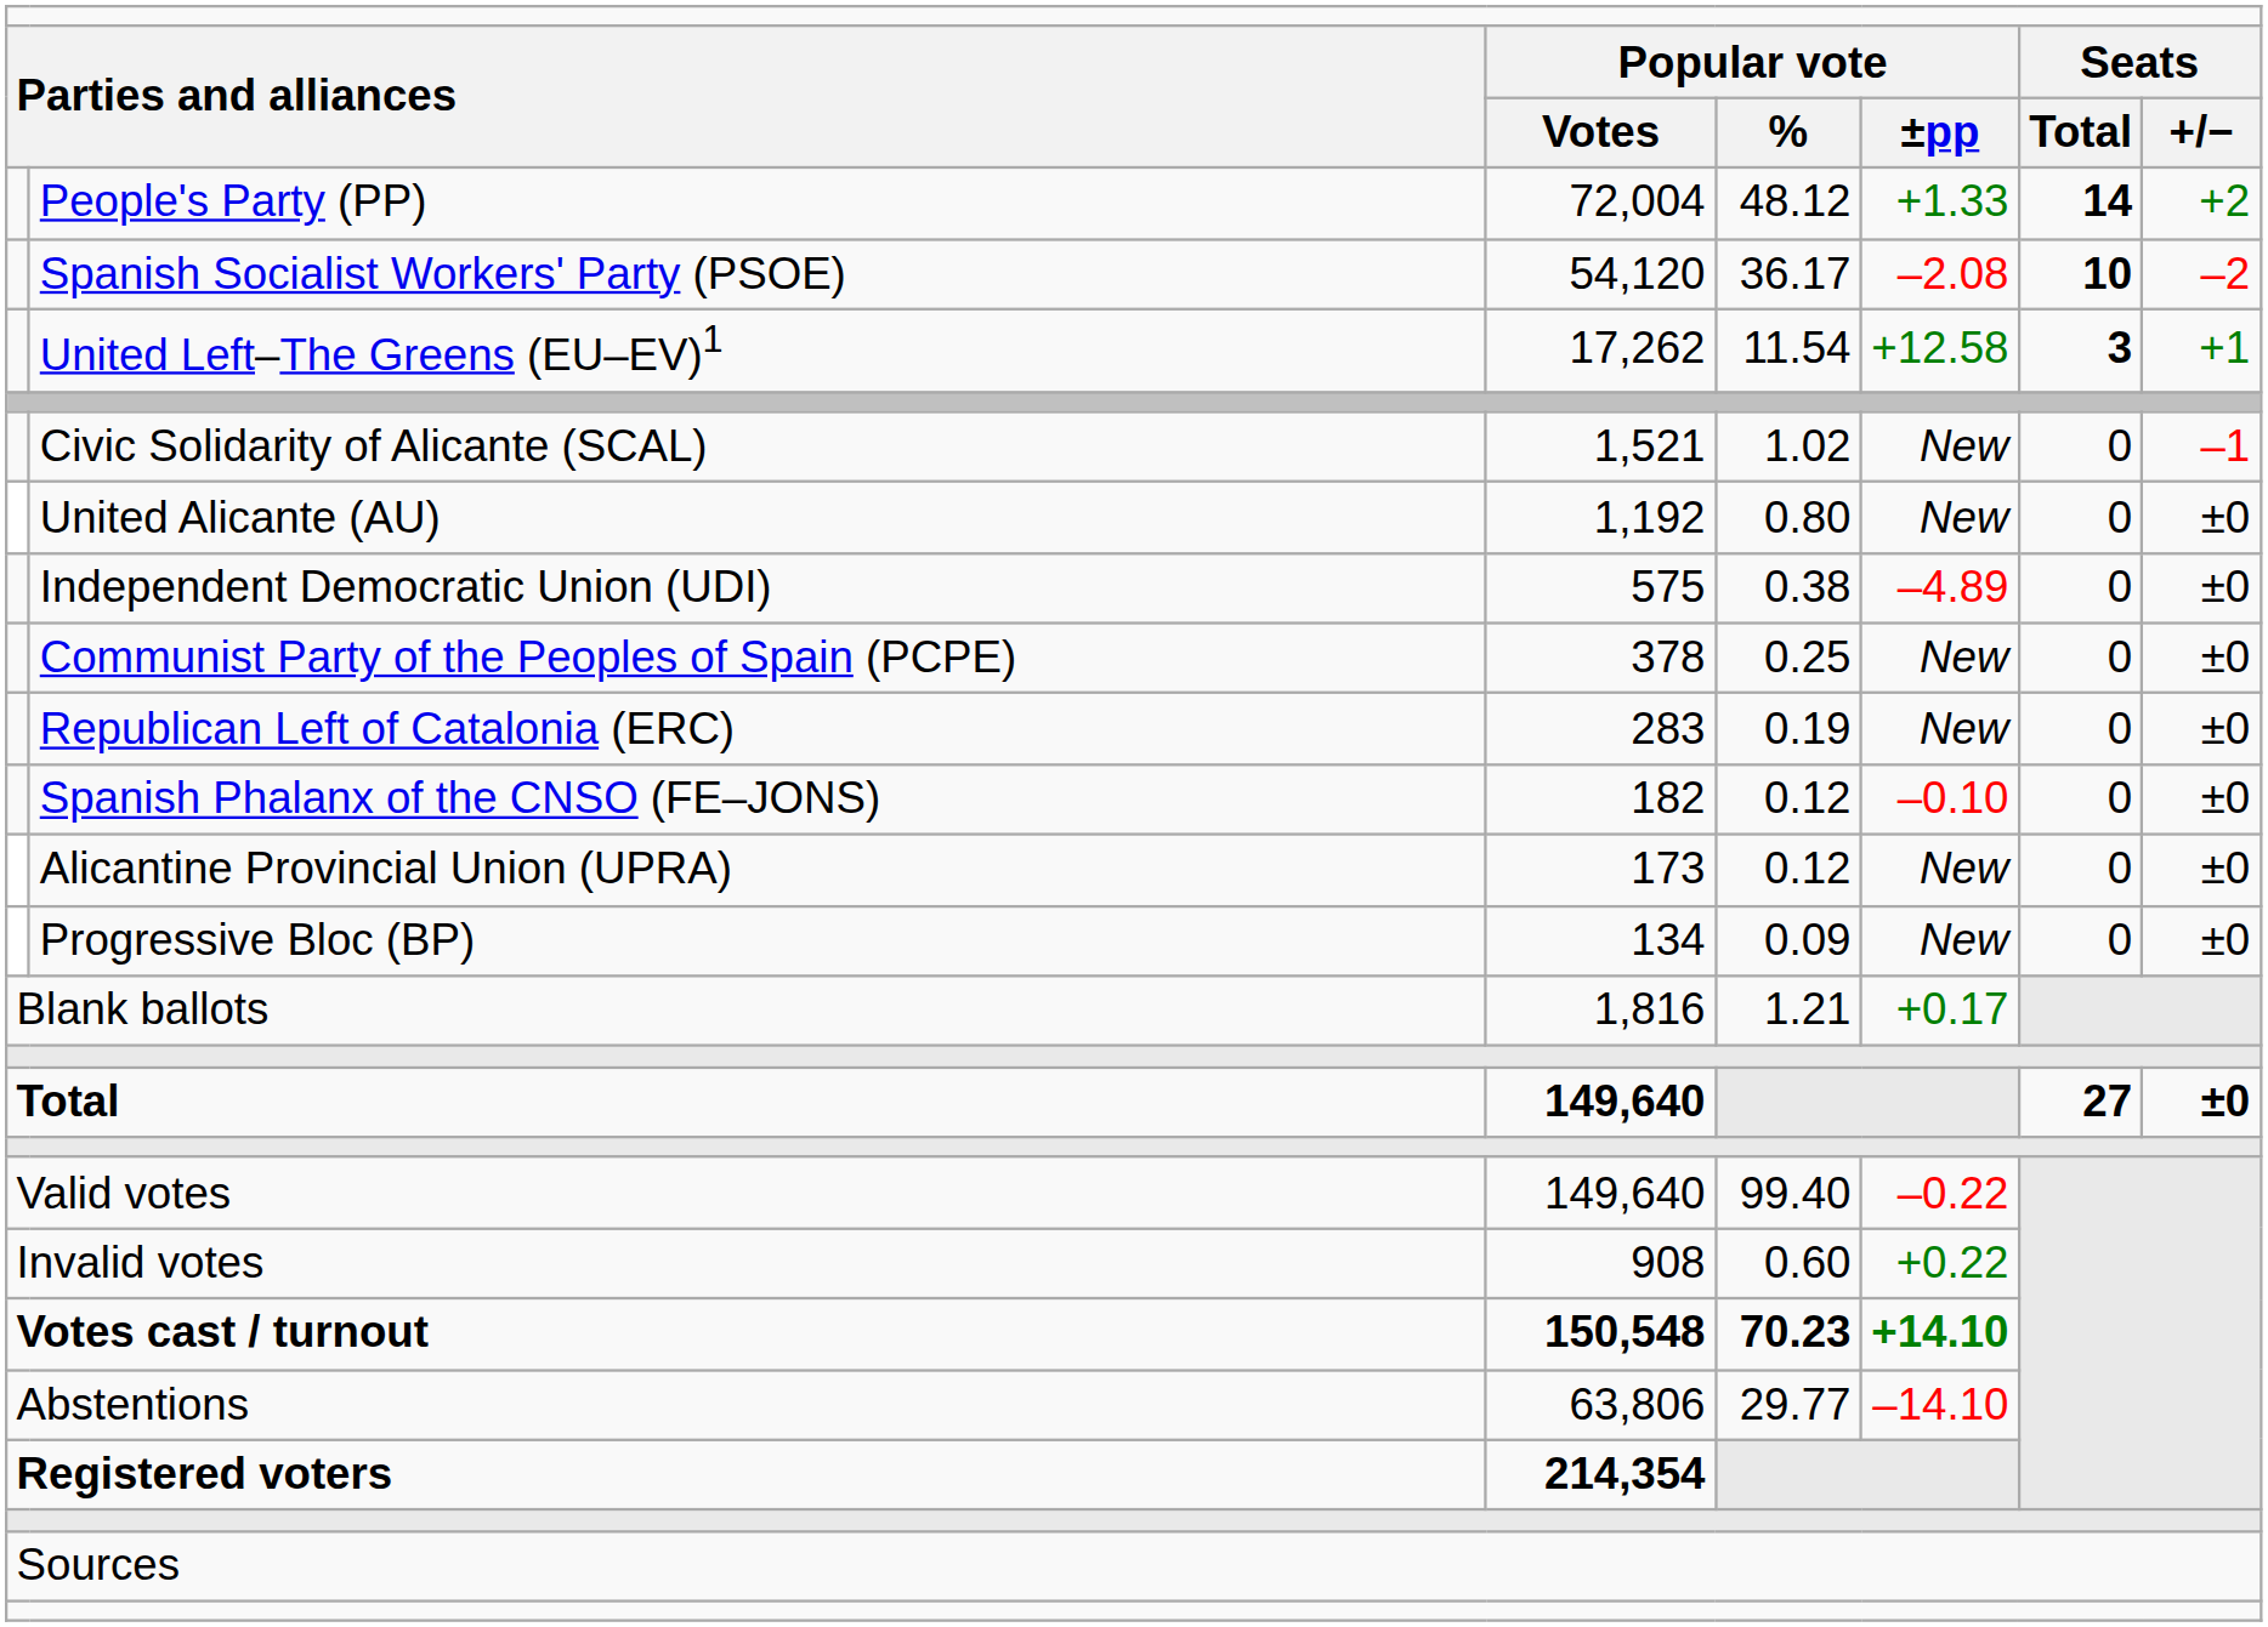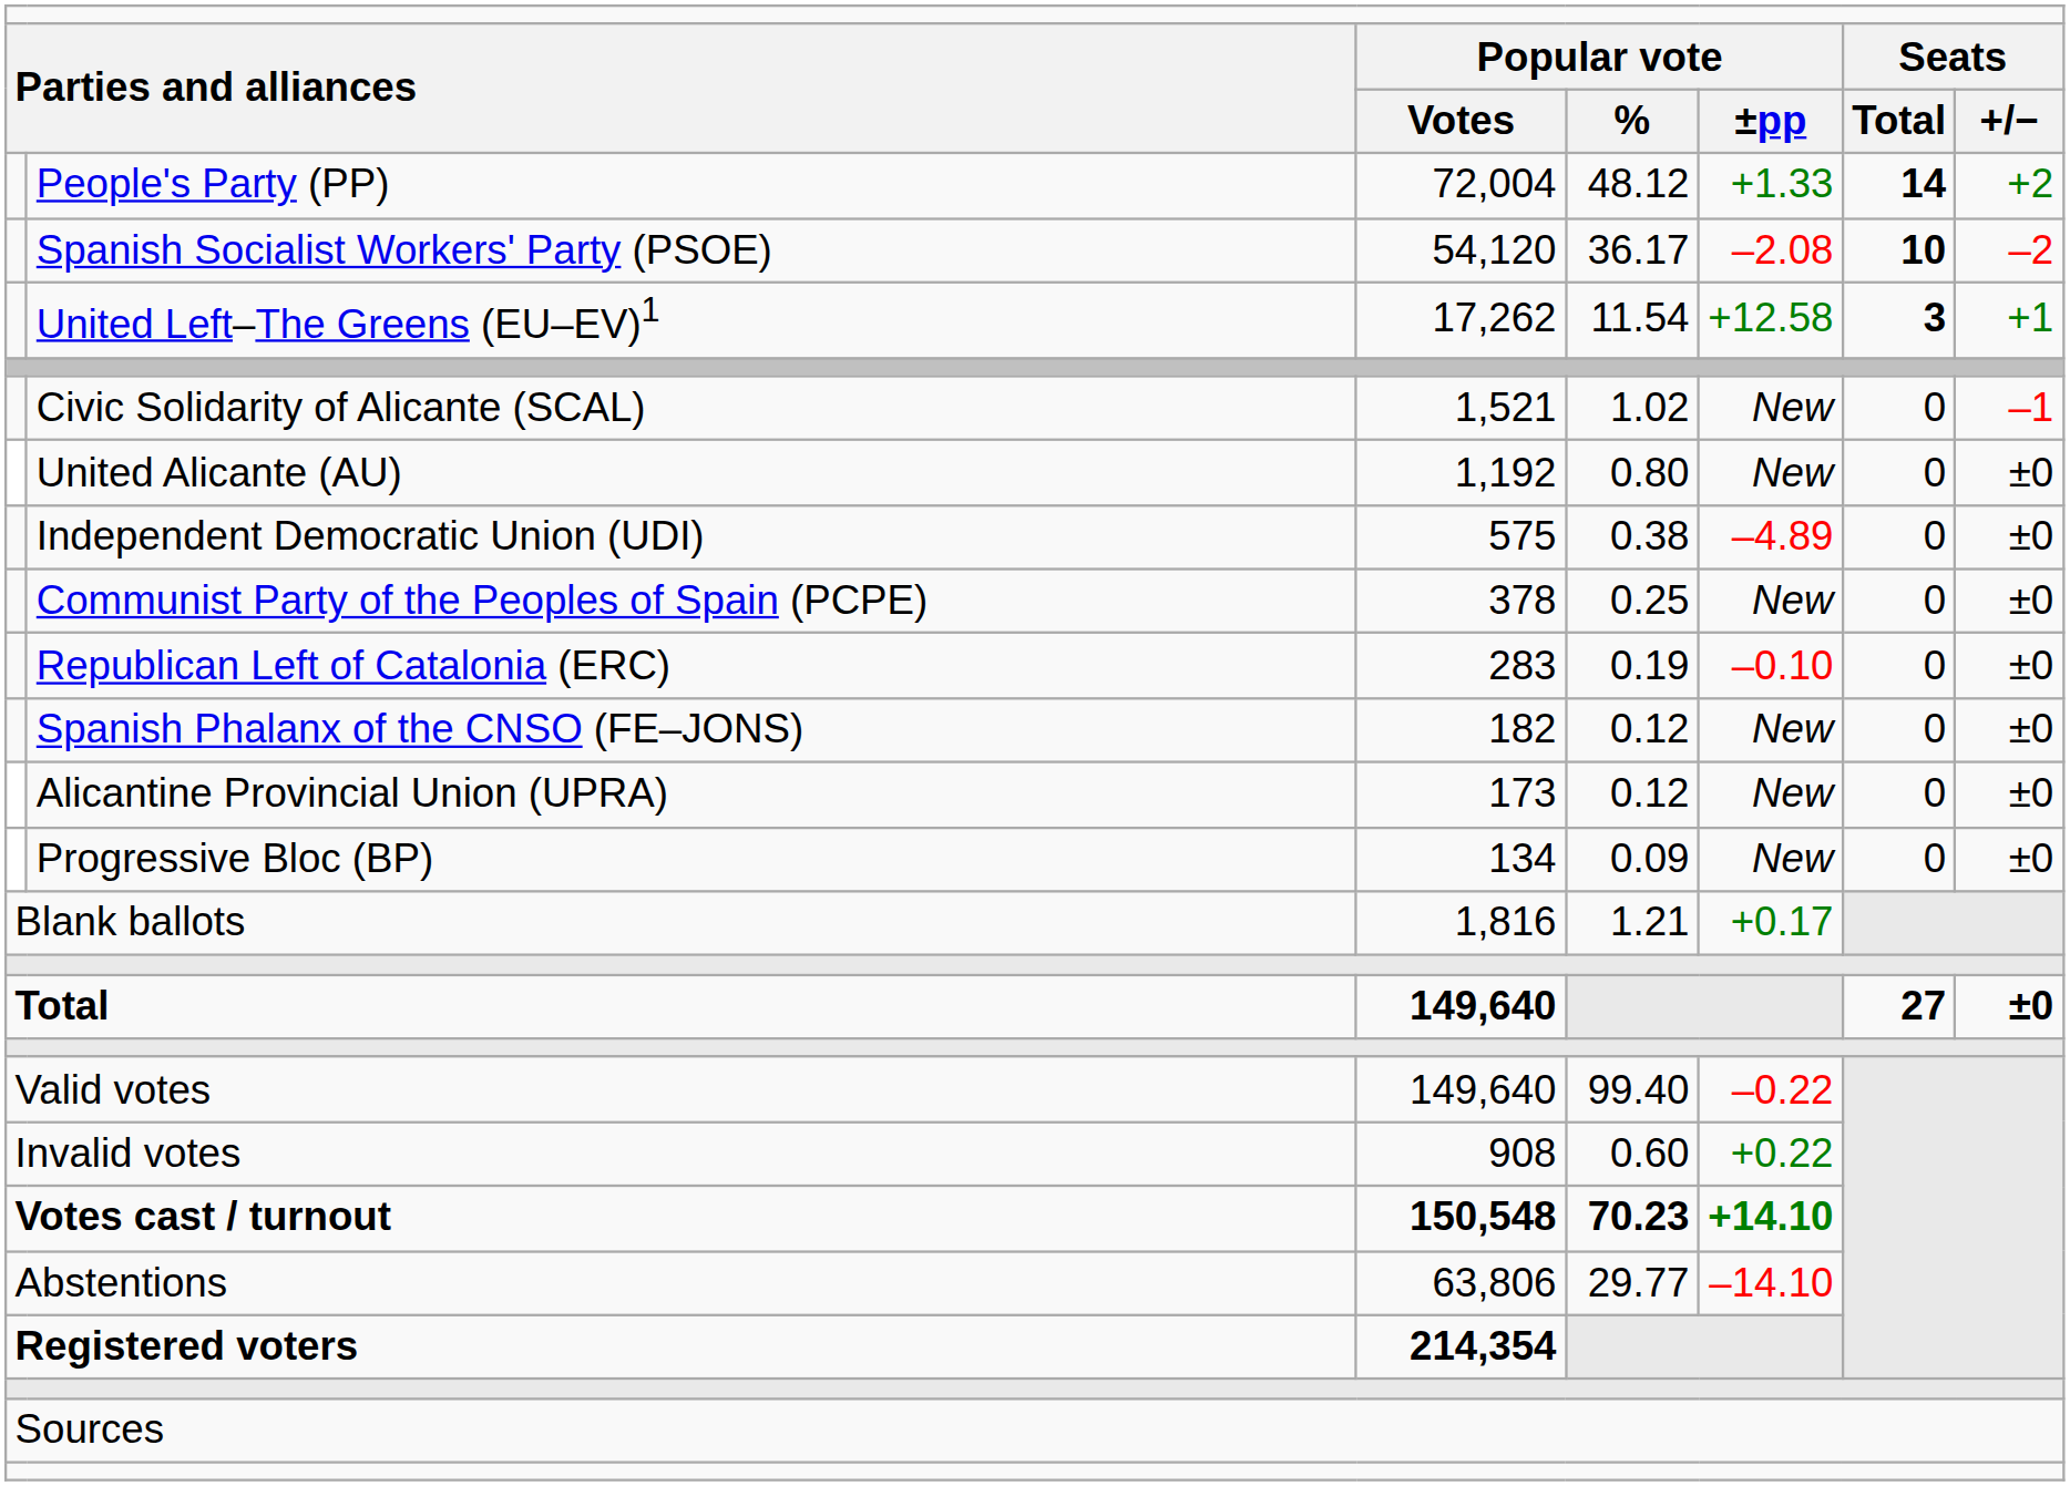 <table class="wikitable" style="text-align:right;">
 <tr>
 <td colspan="7"></td>
 </tr>
 <tr>
 <th style="text-align:left;" rowspan="2" colspan="2" width="525">Parties and alliances</th>
 <th colspan="3">Popular vote</th>
 <th colspan="2">Seats</th>
 </tr>
 <tr>
 <th width="75">Votes</th>
 <th width="45">%</th>
 <th width="45">±<a href='#'>pp</a></th>
 <th width="35">Total</th>
 <th width="35">+/−</th>
 </tr>
 <tr>
 <td width="1" style="color:inherit;background:"></td>
 <td align="left"><a href='#'>People's Party</a> (PP)</td>
 <td>72,004</td>
 <td>48.12</td>
 <td style="color:green;">+1.33</td>
 <td><strong>14</strong></td>
 <td style="color:green;">+2</td>
 </tr>
 <tr>
 <td style="color:inherit;background:"></td>
 <td align="left"><a href='#'>Spanish Socialist Workers' Party</a> (PSOE)</td>
 <td>54,120</td>
 <td>36.17</td>
 <td style="color:red;">–2.08</td>
 <td><strong>10</strong></td>
 <td style="color:red;">–2</td>
 </tr>
 <tr>
 <td style="color:inherit;background:"></td>
 <td align="left"><a href='#'>United Left</a>–<a href='#'>The Greens</a> (EU–EV)<sup>1</sup></td>
 <td>17,262</td>
 <td>11.54</td>
 <td style="color:green;">+12.58</td>
 <td><strong>3</strong></td>
 <td style="color:green;">+1</td>
 </tr>
 <tr>
 <td colspan="7" bgcolor="#C0C0C0"></td>
 </tr>
 <tr>
 <td style="color:inherit;background:"></td>
 <td align="left">Civic Solidarity of Alicante (SCAL)</td>
 <td>1,521</td>
 <td>1.02</td>
 <td><em>New</em></td>
 <td>0</td>
 <td style="color:red;">–1</td>
 </tr>
 <tr>
 <td bgcolor="white"></td>
 <td align="left">United Alicante (AU)</td>
 <td>1,192</td>
 <td>0.80</td>
 <td><em>New</em></td>
 <td>0</td>
 <td>±0</td>
 </tr>
 <tr>
 <td style="color:inherit;background:"></td>
 <td align="left">Independent Democratic Union (UDI)</td>
 <td>575</td>
 <td>0.38</td>
 <td style="color:red;">–4.89</td>
 <td>0</td>
 <td>±0</td>
 </tr>
 <tr>
 <td style="color:inherit;background:"></td>
 <td align="left"><a href='#'>Communist Party of the Peoples of Spain</a> (PCPE)</td>
 <td>378</td>
 <td>0.25</td>
 <td><em>New</em></td>
 <td>0</td>
 <td>±0</td>
 </tr>
 <tr>
 <td style="color:inherit;background:"></td>
 <td align="left"><a href='#'>Republican Left of Catalonia</a> (ERC)</td>
 <td>283</td>
 <td>0.19</td>
-<td><em>New</em></td>
+<td style="color:red;">–0.10</td>
 <td>0</td>
 <td>±0</td>
 </tr>
 <tr>
 <td style="color:inherit;background:"></td>
 <td align="left"><a href='#'>Spanish Phalanx of the CNSO</a> (FE–JONS)</td>
 <td>182</td>
 <td>0.12</td>
-<td style="color:red;">–0.10</td>
+<td><em>New</em></td>
 <td>0</td>
 <td>±0</td>
 </tr>
 <tr>
 <td bgcolor="white"></td>
 <td align="left">Alicantine Provincial Union (UPRA)</td>
 <td>173</td>
 <td>0.12</td>
 <td><em>New</em></td>
 <td>0</td>
 <td>±0</td>
 </tr>
 <tr>
 <td bgcolor="white"></td>
 <td align="left">Progressive Bloc (BP)</td>
 <td>134</td>
 <td>0.09</td>
 <td><em>New</em></td>
 <td>0</td>
 <td>±0</td>
 </tr>
 <tr>
 <td align="left" colspan="2">Blank ballots</td>
 <td>1,816</td>
 <td>1.21</td>
 <td style="color:green;">+0.17</td>
 <td bgcolor="#E9E9E9" colspan="2"></td>
 </tr>
 <tr>
 <td colspan="7" bgcolor="#E9E9E9"></td>
 </tr>
 <tr style="font-weight:bold;">
 <td align="left" colspan="2">Total</td>
 <td>149,640</td>
 <td bgcolor="#E9E9E9" colspan="2"></td>
 <td>27</td>
 <td>±0</td>
 </tr>
 <tr>
 <td colspan="7" bgcolor="#E9E9E9"></td>
 </tr>
 <tr>
 <td align="left" colspan="2">Valid votes</td>
 <td>149,640</td>
 <td>99.40</td>
 <td style="color:red;">–0.22</td>
 <td bgcolor="#E9E9E9" colspan="2" rowspan="5"></td>
 </tr>
 <tr>
 <td align="left" colspan="2">Invalid votes</td>
 <td>908</td>
 <td>0.60</td>
 <td style="color:green;">+0.22</td>
 </tr>
 <tr style="font-weight:bold;">
 <td align="left" colspan="2">Votes cast / turnout</td>
 <td>150,548</td>
 <td>70.23</td>
 <td style="color:green;">+14.10</td>
 </tr>
 <tr>
 <td align="left" colspan="2">Abstentions</td>
 <td>63,806</td>
 <td>29.77</td>
 <td style="color:red;">–14.10</td>
 </tr>
 <tr style="font-weight:bold;">
 <td align="left" colspan="2">Registered voters</td>
 <td>214,354</td>
 <td bgcolor="#E9E9E9" colspan="2"></td>
 </tr>
 <tr>
 <td colspan="7" bgcolor="#E9E9E9"></td>
 </tr>
 <tr>
 <td align="left" colspan="7">Sources</td>
 </tr>
 <tr>
 <td colspan="7" style="text-align:left; max-width:790px;"></td>
 </tr>
 </table>
